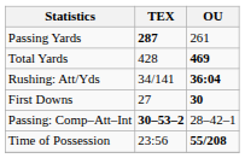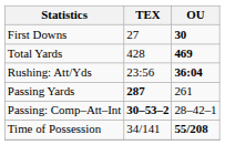 <table class="wikitable" style="float: left;">
 <tr>
 <th>Statistics</th>
 <th>TEX</th>
 <th>OU</th>
 </tr>
 <tr>
-<td>Passing Yards</td>
-<td><strong>287</strong></td>
-<td>261</td>
+<td>First Downs</td>
+<td>27</td>
+<td><strong>30</strong></td>
 </tr>
 <tr>
 <td>Total Yards</td>
 <td>428</td>
 <td><strong>469</strong></td>
 </tr>
 <tr>
 <td>Rushing: Att/Yds</td>
-<td>34/141</td>
+<td>23:56</td>
 <td><strong>36:04</strong></td>
 </tr>
 <tr>
-<td>First Downs</td>
-<td>27</td>
-<td><strong>30</strong></td>
+<td>Passing Yards</td>
+<td><strong>287</strong></td>
+<td>261</td>
 </tr>
 <tr>
 <td>Passing: Comp–Att–Int</td>
 <td><strong>30–53–2</strong></td>
 <td>28–42–1</td>
 </tr>
 <tr>
 <td>Time of Possession</td>
-<td>23:56</td>
+<td>34/141</td>
 <td><strong>55/208</strong></td>
 </tr>
 <tr>
 </tr>
 </table>
